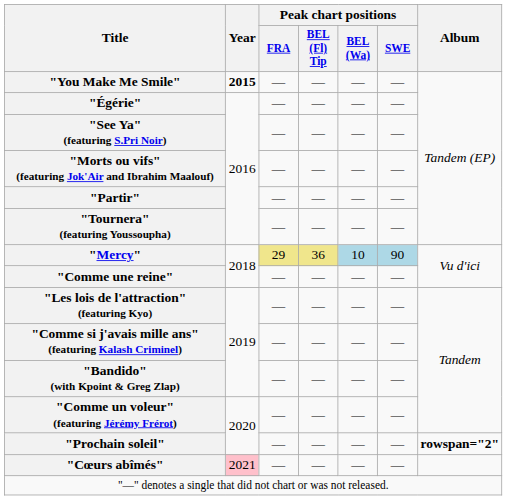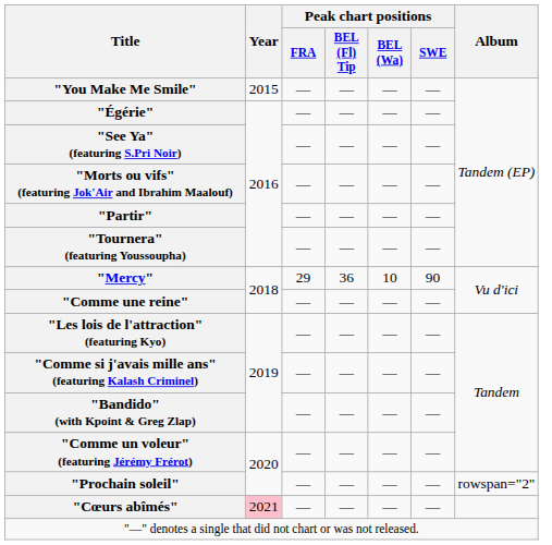 <table class="wikitable plainrowheaders" style="text-align:center;">
 <tr>
 <th scope="col" rowspan="2" style="width:16em;">Title</th>
 <th scope="col" rowspan="2" style="width:1em;">Year</th>
 <th scope="col" colspan="4">Peak chart positions</th>
 <th scope="col" rowspan="2">Album</th>
 </tr>
 <tr>
 <th scope="col" style="width:3em;font-size:85%;"><a href='#'>FRA</a><br></th>
 <th scope="col" style="width:3em;font-size:85%;"><a href='#'>BEL<br>(Fl)<br>Tip</a><br></th>
 <th scope="col" style="width:3em;font-size:85%;"><a href='#'>BEL (Wa)</a><br></th>
 <th scope="col" style="width:3em;font-size:85%;"><a href='#'>SWE</a><br></th>
 </tr>
 <tr>
 <th scope="row">"You Make Me Smile"</th>
-<td><strong>2015</strong></td>
+<td>2015</td>
 <td>—</td>
 <td>—</td>
 <td>—</td>
 <td>—</td>
 <td rowspan="6"><em>Tandem (EP)</em></td>
 </tr>
 <tr>
 <th scope="row">"Égérie"</th>
 <td rowspan="5">2016</td>
 <td>—</td>
 <td>—</td>
 <td>—</td>
 <td>—</td>
 </tr>
 <tr>
 <th scope="row">"See Ya"<br><small>(featuring <a href='#'>S.Pri Noir</a>)</small></th>
 <td>—</td>
 <td>—</td>
 <td>—</td>
 <td>—</td>
 </tr>
 <tr>
 <th scope="row">"Morts ou vifs"<br><small>(featuring <a href='#'>Jok'Air</a> and Ibrahim Maalouf)</small></th>
 <td>—</td>
 <td>—</td>
 <td>—</td>
 <td>—</td>
 </tr>
 <tr>
 <th scope="row">"Partir"</th>
 <td>—</td>
 <td>—</td>
 <td>—</td>
 <td>—</td>
 </tr>
 <tr>
 <th scope="row">"Tournera"<br><small>(featuring Youssoupha)</small></th>
 <td>—</td>
 <td>—</td>
 <td>—</td>
 <td>—</td>
 </tr>
 <tr>
 <th scope="row">"<a href='#'>Mercy</a>"</th>
 <td rowspan="2">2018</td>
-<td style="background: khaki;">29</td>
-<td style="background: khaki;">36</td>
-<td style="background: lightblue;">10</td>
-<td style="background: lightblue;">90</td>
+<td>29</td>
+<td>36</td>
+<td>10</td>
+<td>90</td>
 <td rowspan="2"><em>Vu d'ici</em></td>
 </tr>
 <tr>
 <th scope="row">"Comme une reine"</th>
 <td>—</td>
 <td>—</td>
 <td>—</td>
 <td>—</td>
 </tr>
 <tr>
 <th scope="row">"Les lois de l'attraction"<br><small>(featuring Kyo)</small></th>
 <td rowspan="3">2019</td>
 <td>—</td>
 <td>—</td>
 <td>—</td>
 <td>—</td>
 <td rowspan="4"><em>Tandem</em></td>
 </tr>
 <tr>
 <th scope="row">"Comme si j'avais mille ans"<br><small>(featuring <a href='#'>Kalash Criminel</a>)</small></th>
 <td>—</td>
 <td>—</td>
 <td>—</td>
 <td>—</td>
 </tr>
 <tr>
 <th scope="row">"Bandido"<br><small>(with Kpoint & Greg Zlap)</small></th>
 <td>—</td>
 <td>—</td>
 <td>—</td>
 <td>—</td>
 </tr>
 <tr>
 <th scope="row">"Comme un voleur"<br><small>(featuring <a href='#'>Jérémy Frérot</a>)</small></th>
 <td rowspan="2">2020</td>
 <td>—</td>
 <td>—</td>
 <td>—</td>
 <td>—</td>
 </tr>
 <tr>
 <th scope="row">"Prochain soleil"</th>
 <td>—</td>
 <td>—</td>
 <td>—</td>
 <td>—</td>
-<td><strong>rowspan="2" </strong></td>
+<td>rowspan="2" </td>
 </tr>
 <tr>
 <th scope="row">"Cœurs abîmés"</th>
 <td style="background: pink;">2021</td>
 <td>—</td>
 <td>—</td>
 <td>—</td>
 <td>—</td>
 </tr>
 <tr>
 <td colspan="25" style="text-align:center; font-size:85%;">"—" denotes a single that did not chart or was not released.</td>
 </tr>
 </table>
